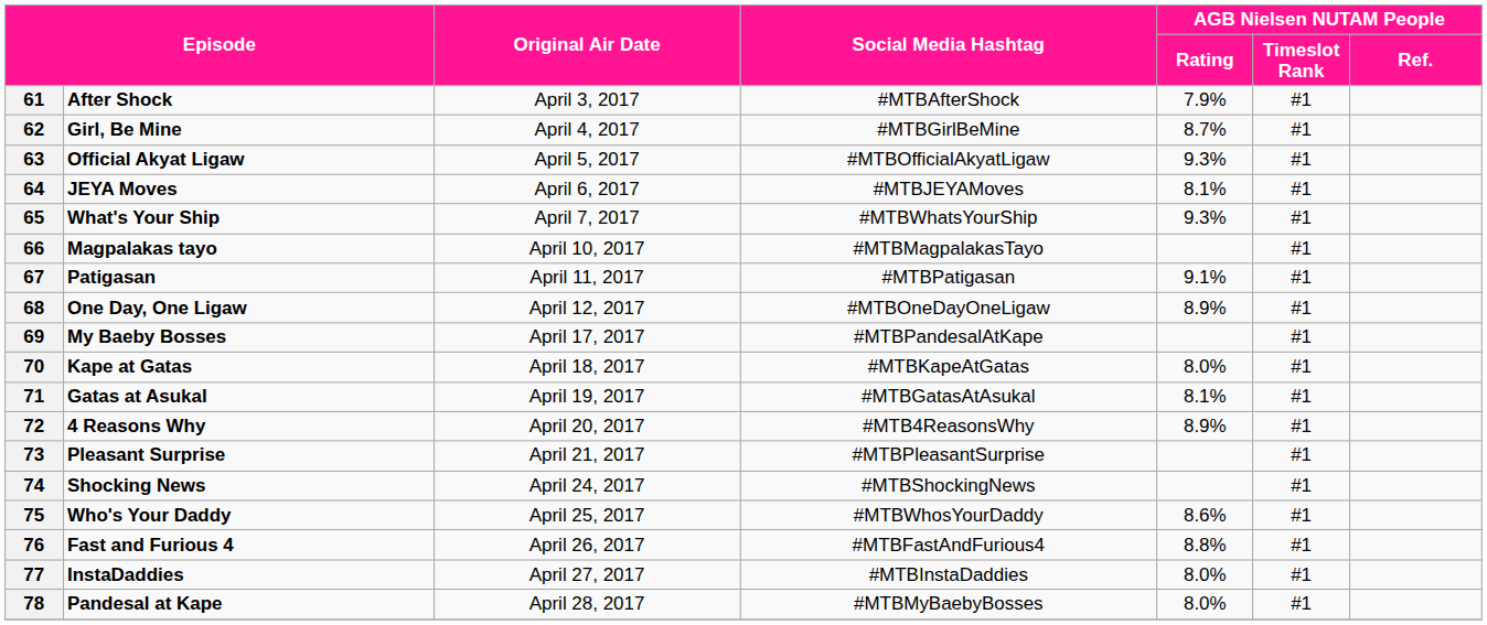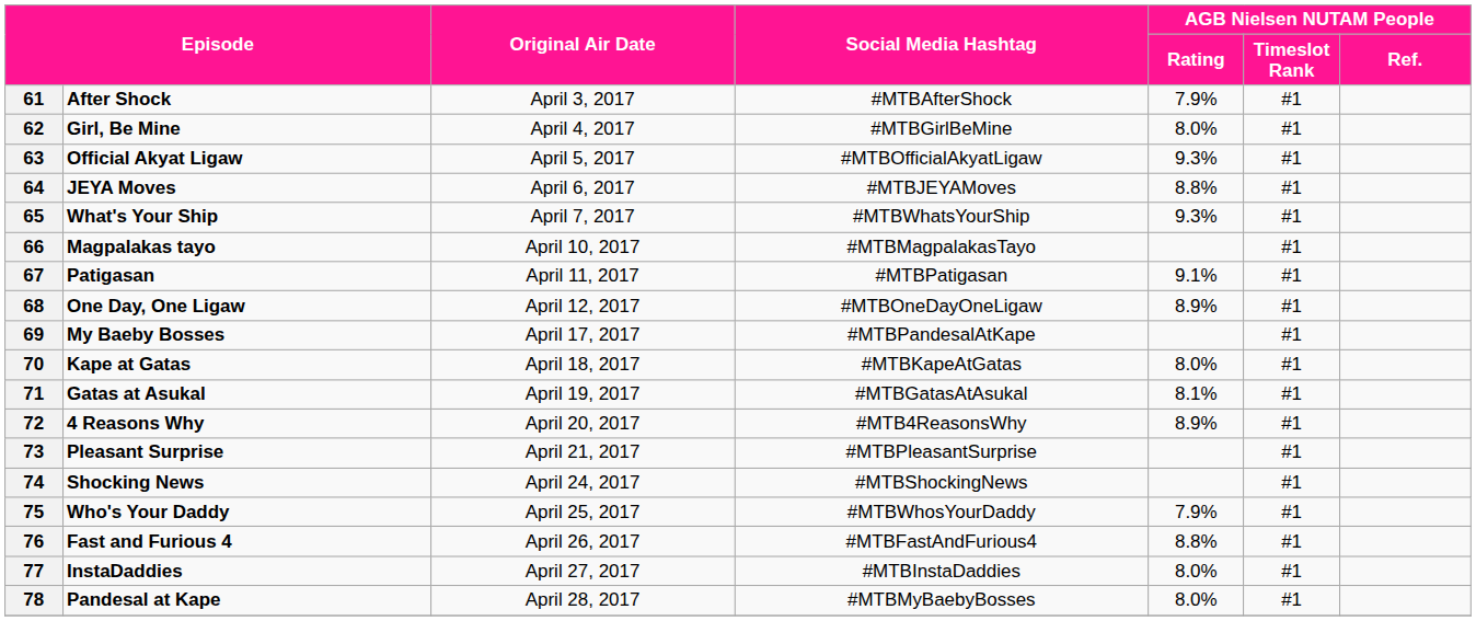 <table class="wikitable" style="text-align:center; font-size:100%; line-height:18px;"  width="100%">
 <tr>
 <th colspan="2" rowspan="2" style="background-color:#FF1493; color:#ffffff;">Episode</th>
 <th style="background:#FF1493; color:white" rowspan="2">Original Air Date</th>
 <th style="background:#FF1493; color:white" rowspan="2">Social Media Hashtag</th>
 <th style="background-color:#FF1493; color:#ffffff;" colspan="3">AGB Nielsen NUTAM People</th>
 </tr>
 <tr>
 <th style="background-color:#FF1493; width:75px; color:#ffffff;">Rating</th>
 <th style="background-color:#FF1493; width:75px; color:#ffffff;">Timeslot<br>Rank</th>
 <th style="background-color:#FF1493; color:#ffffff;">Ref.</th>
 </tr>
 <tr>
 <th>61</th>
 <td style="text-align: left;"><strong>After Shock</strong></td>
 <td>April 3, 2017</td>
 <td>#MTBAfterShock</td>
 <td>7.9%</td>
 <td>#1</td>
 <td></td>
 </tr>
 <tr>
 <th>62</th>
 <td style="text-align: left;"><strong>Girl, Be Mine</strong></td>
 <td>April 4, 2017</td>
 <td>#MTBGirlBeMine</td>
-<td>8.7%</td>
+<td>8.0%</td>
 <td>#1</td>
 <td></td>
 </tr>
 <tr>
 <th>63</th>
 <td style="text-align: left;"><strong>Official Akyat Ligaw</strong></td>
 <td>April 5, 2017</td>
 <td>#MTBOfficialAkyatLigaw</td>
 <td>9.3%</td>
 <td>#1</td>
 <td></td>
 </tr>
 <tr>
 <th>64</th>
 <td style="text-align: left;"><strong>JEYA Moves</strong></td>
 <td>April 6, 2017</td>
 <td>#MTBJEYAMoves</td>
-<td>8.1%</td>
+<td>8.8%</td>
 <td>#1</td>
 <td></td>
 </tr>
 <tr>
 <th>65</th>
 <td style="text-align: left;"><strong>What's Your Ship</strong></td>
 <td>April 7, 2017</td>
 <td>#MTBWhatsYourShip</td>
 <td>9.3%</td>
 <td>#1</td>
 <td></td>
 </tr>
 <tr>
 <th>66</th>
 <td style="text-align: left;"><strong>Magpalakas tayo</strong></td>
 <td>April 10, 2017</td>
 <td>#MTBMagpalakasTayo</td>
 <td></td>
 <td>#1</td>
 <td></td>
 </tr>
 <tr>
 <th>67</th>
 <td style="text-align: left;"><strong>Patigasan</strong></td>
 <td>April 11, 2017</td>
 <td>#MTBPatigasan</td>
 <td>9.1%</td>
 <td>#1</td>
 <td></td>
 </tr>
 <tr>
 <th>68</th>
 <td style="text-align: left;"><strong>One Day, One Ligaw</strong></td>
 <td>April 12, 2017</td>
 <td>#MTBOneDayOneLigaw</td>
 <td>8.9%</td>
 <td>#1</td>
 <td></td>
 </tr>
 <tr>
 <th>69</th>
 <td style="text-align: left;"><strong>My Baeby Bosses</strong></td>
 <td>April 17, 2017</td>
 <td>#MTBPandesalAtKape</td>
 <td></td>
 <td>#1</td>
 <td></td>
 </tr>
 <tr>
 <th>70</th>
 <td style="text-align: left;"><strong>Kape at Gatas</strong></td>
 <td>April 18, 2017</td>
 <td>#MTBKapeAtGatas</td>
 <td>8.0%</td>
 <td>#1</td>
 <td></td>
 </tr>
 <tr>
 <th>71</th>
 <td style="text-align: left;"><strong>Gatas at Asukal</strong></td>
 <td>April 19, 2017</td>
 <td>#MTBGatasAtAsukal</td>
 <td>8.1%</td>
 <td>#1</td>
 <td></td>
 </tr>
 <tr>
 <th>72</th>
 <td style="text-align: left;"><strong>4 Reasons Why</strong></td>
 <td>April 20, 2017</td>
 <td>#MTB4ReasonsWhy</td>
 <td>8.9%</td>
 <td>#1</td>
 <td></td>
 </tr>
 <tr>
 <th>73</th>
 <td style="text-align: left;"><strong>Pleasant Surprise</strong></td>
 <td>April 21, 2017</td>
 <td>#MTBPleasantSurprise</td>
 <td></td>
 <td>#1</td>
 <td></td>
 </tr>
 <tr>
 <th>74</th>
 <td style="text-align: left;"><strong>Shocking News</strong></td>
 <td>April 24, 2017</td>
 <td>#MTBShockingNews</td>
 <td></td>
 <td>#1</td>
 <td></td>
 </tr>
 <tr>
 <th>75</th>
 <td style="text-align: left;"><strong>Who's Your Daddy</strong></td>
 <td>April 25, 2017</td>
 <td>#MTBWhosYourDaddy</td>
-<td>8.6%</td>
+<td>7.9%</td>
 <td>#1</td>
 <td></td>
 </tr>
 <tr>
 <th>76</th>
 <td style="text-align: left;"><strong>Fast and Furious 4</strong></td>
 <td>April 26, 2017</td>
 <td>#MTBFastAndFurious4</td>
 <td>8.8%</td>
 <td>#1</td>
 <td></td>
 </tr>
 <tr>
 <th>77</th>
 <td style="text-align: left;"><strong>InstaDaddies</strong></td>
 <td>April 27, 2017</td>
 <td>#MTBInstaDaddies</td>
 <td>8.0%</td>
 <td>#1</td>
 <td></td>
 </tr>
 <tr>
 <th>78</th>
 <td style="text-align: left;"><strong>Pandesal at Kape</strong></td>
 <td>April 28, 2017</td>
 <td>#MTBMyBaebyBosses</td>
 <td>8.0%</td>
 <td>#1</td>
 <td></td>
 </tr>
 <tr>
 </tr>
 </table>
